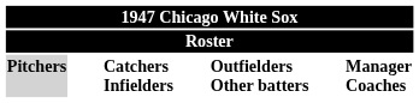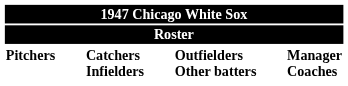 <table class="toccolours" style="font-size: 95%;">
 <tr>
 <th colspan="10" style="background-color: black; color: white; text-align: center;">1947 Chicago White Sox</th>
 </tr>
 <tr>
 <td colspan="10" style="background-color: black; color: white; text-align: center;"><strong>Roster</strong></td>
 </tr>
 <tr>
-<td valign="top" style="background: lightgrey;"><strong>Pitchers</strong><br>             </td>
+<td valign="top"><strong>Pitchers</strong><br>             </td>
 <td width="25px"></td>
 <td valign="top"><strong>Catchers</strong><br>   <strong>Infielders</strong>       </td>
 <td width="25px"></td>
 <td valign="top"><strong>Outfielders</strong><br>      <strong>Other batters</strong> </td>
 <td width="25px"></td>
 <td valign="top"><strong>Manager</strong><br> <strong>Coaches</strong>   </td>
 </tr>
 </table>
